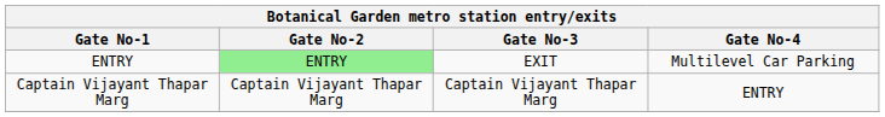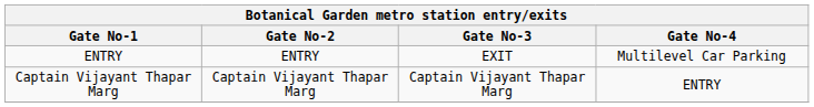 <table class="wikitable" style="text-align: center;" width="65%">
 <tr>
 <th align="center" colspan="5" style="background:#"><span>Botanical Garden metro station entry/exits</span></th>
 </tr>
 <tr>
 <th style="width:5%;">Gate No-1 </th>
 <th style="width:5%;">Gate No-2 </th>
 <th style="width:5%;">Gate No-3 </th>
 <th style="width:5%;">Gate No-4 </th>
 </tr>
 <tr>
 <td>ENTRY</td>
-<td style="background: lightgreen;">ENTRY</td>
+<td>ENTRY</td>
 <td>EXIT</td>
 <td>Multilevel Car Parking</td>
 </tr>
 <tr>
 <td>Captain Vijayant Thapar Marg</td>
 <td>Captain Vijayant Thapar Marg</td>
 <td>Captain Vijayant Thapar Marg</td>
 <td>ENTRY</td>
 </tr>
 <tr>
 </tr>
 </table>
